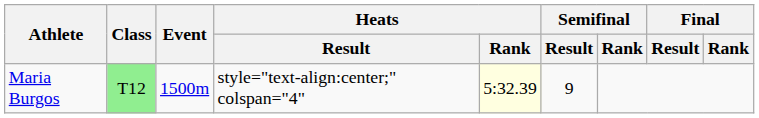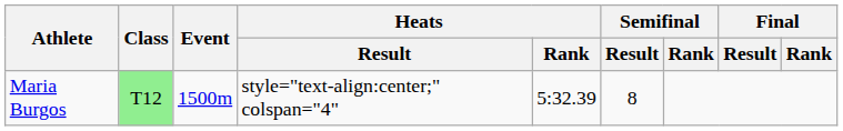 <table class=wikitable style="font-size:90%">
 <tr>
 <th rowspan="2">Athlete</th>
 <th rowspan="2">Class</th>
 <th rowspan="2">Event</th>
 <th colspan="2">Heats</th>
 <th colspan="2">Semifinal</th>
 <th colspan="2">Final</th>
 </tr>
 <tr>
 <th>Result</th>
 <th>Rank</th>
 <th>Result</th>
 <th>Rank</th>
 <th>Result</th>
 <th>Rank</th>
 </tr>
 <tr>
 <td><a href='#'>Maria Burgos</a></td>
 <td style="background: lightgreen; text-align:center;">T12</td>
 <td><a href='#'>1500m</a></td>
 <td>style="text-align:center;" colspan="4" </td>
-<td style="background: lightyellow; text-align:center;">5:32.39</td>
-<td style="text-align:center;">9</td>
+<td style="text-align:center;">5:32.39</td>
+<td style="text-align:center;">8</td>
 </tr>
 </table>
